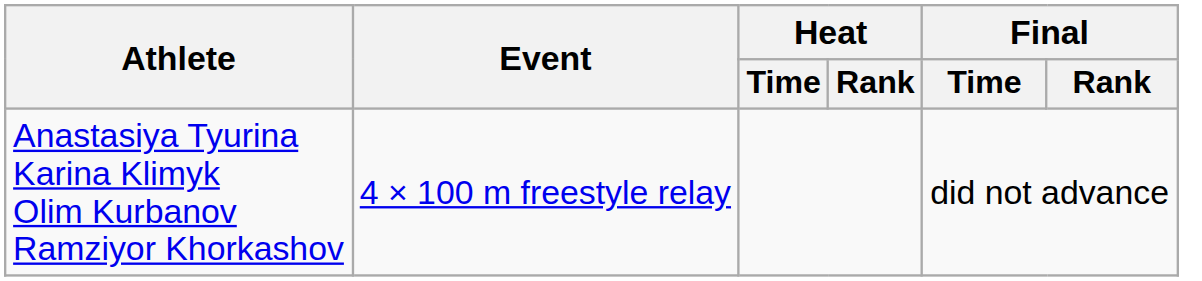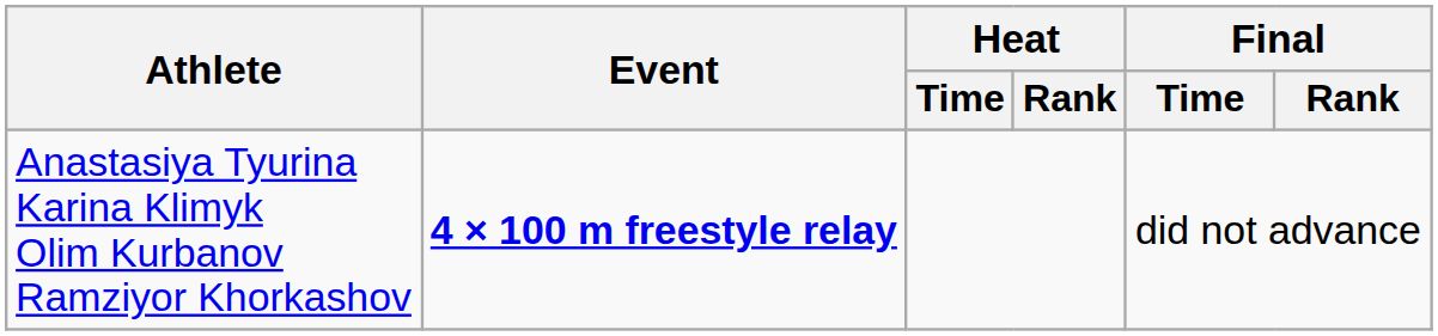 <table class=wikitable style="font-size:90%">
 <tr>
 <th rowspan="2">Athlete</th>
 <th rowspan="2">Event</th>
 <th colspan="2">Heat</th>
 <th colspan="2">Final</th>
 </tr>
 <tr style="font-size:95%">
 <th>Time</th>
 <th>Rank</th>
 <th>Time</th>
 <th>Rank</th>
 </tr>
 <tr align=center>
 <td align=left><a href='#'>Anastasiya Tyurina</a><br><a href='#'>Karina Klimyk</a><br><a href='#'>Olim Kurbanov</a><br><a href='#'>Ramziyor Khorkashov</a></td>
-<td align=left><a href='#'>4 × 100 m freestyle relay</a></td>
+<td align=left><strong><a href='#'>4 × 100 m freestyle relay</a></strong></td>
 <td colspan=2></td>
 <td colspan=2>did not advance</td>
 </tr>
 </table>
